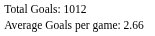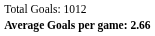 <table>
 <tr>
 <td>Total Goals: 1012</td>
 </tr>
 <tr>
-<td>Average Goals per game: 2.66</td>
+<td><strong>Average Goals per game: 2.66</strong></td>
 </tr>
 </table>
